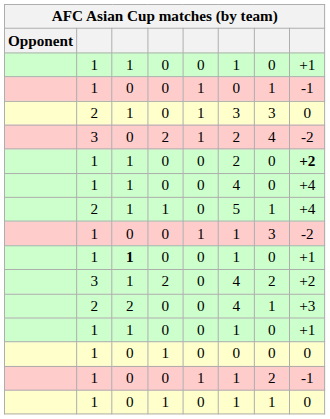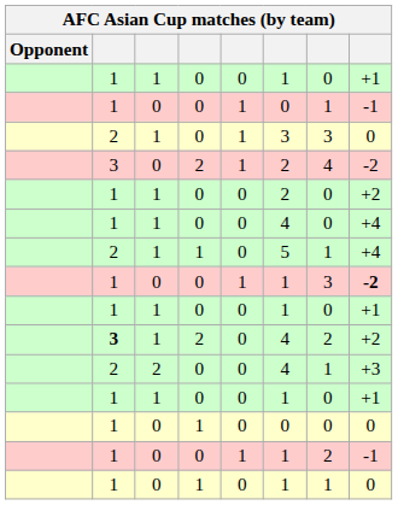 <table class="wikitable sortable" style="text-align: center;">
 <tr>
 <th colspan=8>AFC Asian Cup matches (by team)</th>
 </tr>
 <tr>
 <th width="30">Opponent</th>
 <th width="30"></th>
 <th width="30"></th>
 <th width="30"></th>
 <th width="30"></th>
 <th width="30"></th>
 <th width="30"></th>
 <th width="30"></th>
 </tr>
 <tr bgcolor=#CCFFCC>
 <td align="left"></td>
 <td>1</td>
 <td>1</td>
 <td>0</td>
 <td>0</td>
 <td>1</td>
 <td>0</td>
 <td>+1</td>
 </tr>
 <tr bgcolor=#FFCCCC>
 <td align="left"></td>
 <td>1</td>
 <td>0</td>
 <td>0</td>
 <td>1</td>
 <td>0</td>
 <td>1</td>
 <td>-1</td>
 </tr>
 <tr bgcolor=#FFFFCC>
 <td align="left"></td>
 <td>2</td>
 <td>1</td>
 <td>0</td>
 <td>1</td>
 <td>3</td>
 <td>3</td>
 <td>0</td>
 </tr>
 <tr bgcolor=#FFCCCC>
 <td align="left"></td>
 <td>3</td>
 <td>0</td>
 <td>2</td>
 <td>1</td>
 <td>2</td>
 <td>4</td>
 <td>-2</td>
 </tr>
 <tr bgcolor=#CCFFCC>
 <td align="left"></td>
 <td>1</td>
 <td>1</td>
 <td>0</td>
 <td>0</td>
 <td>2</td>
 <td>0</td>
-<td><strong>+2</strong></td>
+<td>+2</td>
 </tr>
 <tr bgcolor=#CCFFCC>
 <td align="left"></td>
 <td>1</td>
 <td>1</td>
 <td>0</td>
 <td>0</td>
 <td>4</td>
 <td>0</td>
 <td>+4</td>
 </tr>
 <tr bgcolor=#CCFFCC>
 <td align="left"></td>
 <td>2</td>
 <td>1</td>
 <td>1</td>
 <td>0</td>
 <td>5</td>
 <td>1</td>
 <td>+4</td>
 </tr>
 <tr bgcolor=#FFCCCC>
 <td align="left"></td>
 <td>1</td>
 <td>0</td>
 <td>0</td>
 <td>1</td>
 <td>1</td>
 <td>3</td>
-<td>-2</td>
+<td><strong>-2</strong></td>
 </tr>
 <tr bgcolor=#CCFFCC>
 <td align="left"></td>
 <td>1</td>
-<td><strong>1</strong></td>
+<td>1</td>
 <td>0</td>
 <td>0</td>
 <td>1</td>
 <td>0</td>
 <td>+1</td>
 </tr>
 <tr bgcolor=#CCFFCC>
 <td align="left"></td>
-<td>3</td>
+<td><strong>3</strong></td>
 <td>1</td>
 <td>2</td>
 <td>0</td>
 <td>4</td>
 <td>2</td>
 <td>+2</td>
 </tr>
 <tr bgcolor=#CCFFCC>
 <td align="left"></td>
 <td>2</td>
 <td>2</td>
 <td>0</td>
 <td>0</td>
 <td>4</td>
 <td>1</td>
 <td>+3</td>
 </tr>
 <tr bgcolor=#CCFFCC>
 <td align="left"></td>
 <td>1</td>
 <td>1</td>
 <td>0</td>
 <td>0</td>
 <td>1</td>
 <td>0</td>
 <td>+1</td>
 </tr>
 <tr bgcolor=#FFFFCC>
 <td align="left"></td>
 <td>1</td>
 <td>0</td>
 <td>1</td>
 <td>0</td>
 <td>0</td>
 <td>0</td>
 <td>0</td>
 </tr>
 <tr bgcolor=#FFCCCC>
 <td align="left"></td>
 <td>1</td>
 <td>0</td>
 <td>0</td>
 <td>1</td>
 <td>1</td>
 <td>2</td>
 <td>-1</td>
 </tr>
 <tr bgcolor=#FFFFCC>
 <td align="left"></td>
 <td>1</td>
 <td>0</td>
 <td>1</td>
 <td>0</td>
 <td>1</td>
 <td>1</td>
 <td>0</td>
 </tr>
 </table>
